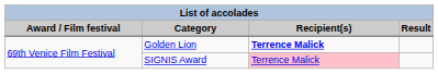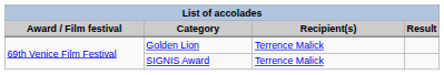 <table class="wikitable" style="font-size:small">
 <tr style="text-align:center;">
 <th colspan=4 style="background:#B0C4DE;">List of accolades</th>
 </tr>
 <tr style="text-align:center;">
 <th style="background:#ccc; width:32%;">Award / Film festival</th>
 <th style="background:#ccc; width:25%;">Category</th>
 <th style="background:#ccc; width:35%;">Recipient(s)</th>
 <th style="background:#ccc; width:8%;">Result</th>
 </tr>
 <tr style="border-top:2px solid gray;">
 <td rowspan="2"><a href='#'>69th Venice Film Festival</a></td>
 <td><a href='#'>Golden Lion</a></td>
-<td><strong><a href='#'>Terrence Malick</a></strong></td>
+<td><a href='#'>Terrence Malick</a></td>
 <td></td>
 </tr>
 <tr>
 <td><a href='#'>SIGNIS Award</a></td>
-<td style="background: pink;"><a href='#'>Terrence Malick</a></td>
+<td><a href='#'>Terrence Malick</a></td>
 <td></td>
 </tr>
 </table>
